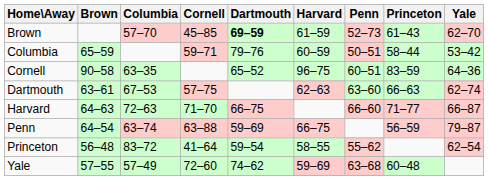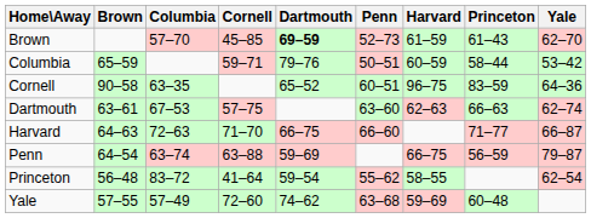 <table class="wikitable">
 <tr>
 <th>Home\Away</th>
 <th>Brown</th>
 <th>Columbia</th>
 <th>Cornell</th>
 <th>Dartmouth</th>
+<th>Penn</th>
 <th>Harvard</th>
-<th>Penn</th>
 <th>Princeton</th>
 <th>Yale</th>
 </tr>
 <tr>
 <td>Brown</td>
 <td></td>
 <td bgcolor="ffcccc">57–70</td>
 <td bgcolor="ffcccc">45–85</td>
 <td bgcolor="ccffcc"><strong>69–59</strong></td>
+<td bgcolor="ffcccc">52–73</td>
 <td bgcolor="ccffcc">61–59</td>
-<td bgcolor="ffcccc">52–73</td>
 <td bgcolor="ccffcc">61–43</td>
 <td bgcolor="ffcccc">62–70</td>
 </tr>
 <tr>
 <td>Columbia</td>
 <td bgcolor="ccffcc">65–59</td>
 <td></td>
 <td bgcolor="ffcccc">59–71</td>
 <td bgcolor="ccffcc">79–76</td>
+<td bgcolor="ffcccc">50–51</td>
 <td bgcolor="ccffcc">60–59</td>
-<td bgcolor="ffcccc">50–51</td>
 <td bgcolor="ccffcc">58–44</td>
 <td bgcolor="ccffcc">53–42</td>
 </tr>
 <tr>
 <td>Cornell</td>
 <td bgcolor="ccffcc">90–58</td>
 <td bgcolor="ccffcc">63–35</td>
 <td></td>
 <td bgcolor="ccffcc">65–52</td>
+<td bgcolor="ccffcc">60–51</td>
 <td bgcolor="ccffcc">96–75</td>
-<td bgcolor="ccffcc">60–51</td>
 <td bgcolor="ccffcc">83–59</td>
 <td bgcolor="ccffcc">64–36</td>
 </tr>
 <tr>
 <td>Dartmouth</td>
 <td bgcolor="ccffcc">63–61</td>
 <td bgcolor="ccffcc">67–53</td>
 <td bgcolor="ffcccc">57–75</td>
 <td></td>
+<td bgcolor="ccffcc">63–60</td>
 <td bgcolor="ffcccc">62–63</td>
-<td bgcolor="ccffcc">63–60</td>
 <td bgcolor="ccffcc">66–63</td>
 <td bgcolor="ffcccc">62–74</td>
 </tr>
 <tr>
 <td>Harvard</td>
 <td bgcolor="ccffcc">64–63</td>
 <td bgcolor="ccffcc">72–63</td>
 <td bgcolor="ccffcc">71–70</td>
 <td bgcolor="ffcccc">66–75</td>
+<td bgcolor="ffcccc">66–60</td>
 <td></td>
-<td bgcolor="ffcccc">66–60</td>
 <td bgcolor="ffcccc">71–77</td>
 <td bgcolor="ffcccc">66–87</td>
 </tr>
 <tr>
 <td>Penn</td>
 <td bgcolor="ccffcc">64–54</td>
 <td bgcolor="ffcccc">63–74</td>
 <td bgcolor="ffcccc">63–88</td>
 <td bgcolor="ffcccc">59–69</td>
+<td></td>
 <td bgcolor="ffcccc">66–75</td>
-<td></td>
 <td bgcolor="ffcccc">56–59</td>
 <td bgcolor="ffcccc">79–87</td>
 </tr>
 <tr>
 <td>Princeton</td>
 <td bgcolor="ccffcc">56–48</td>
 <td bgcolor="ccffcc">83–72</td>
 <td bgcolor="ccffcc">41–64</td>
 <td bgcolor="ccffcc">59–54</td>
+<td bgcolor="ffcccc">55–62</td>
 <td bgcolor="ccffcc">58–55</td>
-<td bgcolor="ffcccc">55–62</td>
 <td></td>
 <td bgcolor="ffcccc">62–54</td>
 </tr>
 <tr>
 <td>Yale</td>
 <td bgcolor="ccffcc">57–55</td>
 <td bgcolor="ccffcc">57–49</td>
 <td bgcolor="ccffcc">72–60</td>
 <td bgcolor="ccffcc">74–62</td>
+<td bgcolor="ffcccc">63–68</td>
 <td bgcolor="ffcccc">59–69</td>
-<td bgcolor="ffcccc">63–68</td>
 <td bgcolor="ccffcc">60–48</td>
 <td></td>
 </tr>
 </table>
